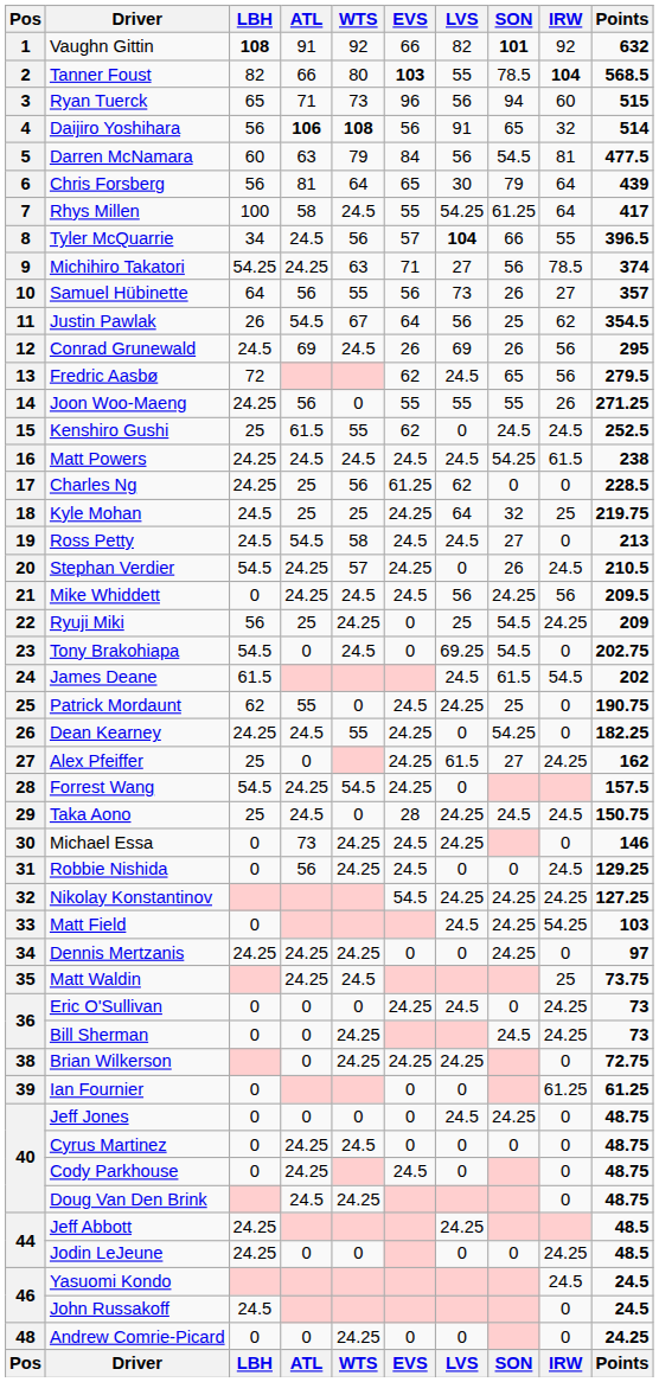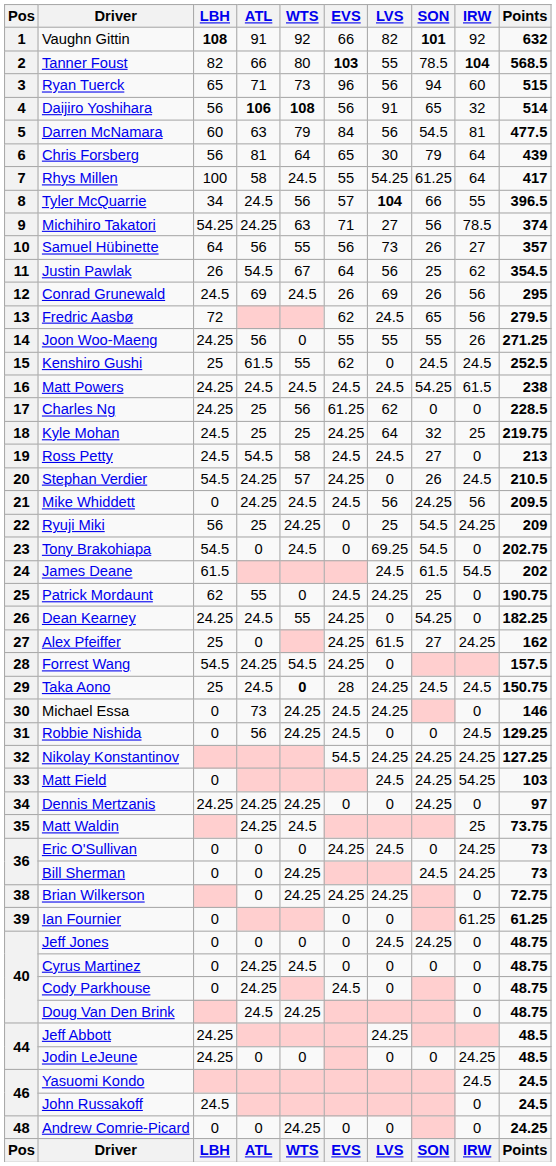 <table class="wikitable" style="font-size:85%; text-align:center">
 <tr style="background:#f9f9f9" valign="top">
 <th valign="middle">Pos</th>
 <th valign="middle">Driver</th>
 <th><a href='#'>LBH</a></th>
 <th><a href='#'>ATL</a></th>
 <th><a href='#'>WTS</a></th>
 <th><a href='#'>EVS</a></th>
 <th><a href='#'>LVS</a></th>
 <th><a href='#'>SON</a></th>
 <th><a href='#'>IRW</a></th>
 <th valign="middle">Points</th>
 </tr>
 <tr>
 <th>1</th>
 <td align="left"> Vaughn Gittin</td>
 <td><strong>108</strong></td>
 <td>91</td>
 <td>92</td>
 <td>66</td>
 <td>82</td>
 <td><strong>101</strong></td>
 <td>92</td>
 <td align="right"><strong>632</strong></td>
 </tr>
 <tr>
 <th>2</th>
 <td align="left"> <a href='#'>Tanner Foust</a></td>
 <td>82</td>
 <td>66</td>
 <td>80</td>
 <td><strong>103</strong></td>
 <td>55</td>
 <td>78.5</td>
 <td><strong>104</strong></td>
 <td align="right"><strong>568.5</strong></td>
 </tr>
 <tr>
 <th>3</th>
 <td align="left"> <a href='#'>Ryan Tuerck</a></td>
 <td>65</td>
 <td>71</td>
 <td>73</td>
 <td>96</td>
 <td>56</td>
 <td>94</td>
 <td>60</td>
 <td align="right"><strong>515</strong></td>
 </tr>
 <tr>
 <th>4</th>
 <td align="left"> <a href='#'>Daijiro Yoshihara</a></td>
 <td>56</td>
 <td><strong>106</strong></td>
 <td><strong>108</strong></td>
 <td>56</td>
 <td>91</td>
 <td>65</td>
 <td>32</td>
 <td align="right"><strong>514</strong></td>
 </tr>
 <tr>
 <th>5</th>
 <td align="left"> <a href='#'>Darren McNamara</a></td>
 <td>60</td>
 <td>63</td>
 <td>79</td>
 <td>84</td>
 <td>56</td>
 <td>54.5</td>
 <td>81</td>
 <td align="right"><strong>477.5</strong></td>
 </tr>
 <tr>
 <th>6</th>
 <td align="left"> <a href='#'>Chris Forsberg</a></td>
 <td>56</td>
 <td>81</td>
 <td>64</td>
 <td>65</td>
 <td>30</td>
 <td>79</td>
 <td>64</td>
 <td align="right"><strong>439</strong></td>
 </tr>
 <tr>
 <th>7</th>
 <td align="left"> <a href='#'>Rhys Millen</a></td>
 <td>100</td>
 <td>58</td>
 <td>24.5</td>
 <td>55</td>
 <td>54.25</td>
 <td>61.25</td>
 <td>64</td>
 <td align="right"><strong>417</strong></td>
 </tr>
 <tr>
 <th>8</th>
 <td align="left"> <a href='#'>Tyler McQuarrie</a></td>
 <td>34</td>
 <td>24.5</td>
 <td>56</td>
 <td>57</td>
 <td><strong>104</strong></td>
 <td>66</td>
 <td>55</td>
 <td align="right"><strong>396.5</strong></td>
 </tr>
 <tr>
 <th>9</th>
 <td align="left"> <a href='#'>Michihiro Takatori</a></td>
 <td>54.25</td>
 <td>24.25</td>
 <td>63</td>
 <td>71</td>
 <td>27</td>
 <td>56</td>
 <td>78.5</td>
 <td align="right"><strong>374</strong></td>
 </tr>
 <tr>
 <th>10</th>
 <td align="left"> <a href='#'>Samuel Hübinette</a></td>
 <td>64</td>
 <td>56</td>
 <td>55</td>
 <td>56</td>
 <td>73</td>
 <td>26</td>
 <td>27</td>
 <td align="right"><strong>357</strong></td>
 </tr>
 <tr>
 <th>11</th>
 <td align="left"> <a href='#'>Justin Pawlak</a></td>
 <td>26</td>
 <td>54.5</td>
 <td>67</td>
 <td>64</td>
 <td>56</td>
 <td>25</td>
 <td>62</td>
 <td align="right"><strong>354.5</strong></td>
 </tr>
 <tr>
 <th>12</th>
 <td align="left"> <a href='#'>Conrad Grunewald</a></td>
 <td>24.5</td>
 <td>69</td>
 <td>24.5</td>
 <td>26</td>
 <td>69</td>
 <td>26</td>
 <td>56</td>
 <td align="right"><strong>295</strong></td>
 </tr>
 <tr>
 <th>13</th>
 <td align="left"> <a href='#'>Fredric Aasbø</a></td>
 <td>72</td>
 <td style="background:#FFCFCF;"></td>
 <td style="background:#FFCFCF;"></td>
 <td>62</td>
 <td>24.5</td>
 <td>65</td>
 <td>56</td>
 <td align="right"><strong>279.5</strong></td>
 </tr>
 <tr>
 <th>14</th>
 <td align="left"> <a href='#'>Joon Woo-Maeng</a></td>
 <td>24.25</td>
 <td>56</td>
 <td>0</td>
 <td>55</td>
 <td>55</td>
 <td>55</td>
 <td>26</td>
 <td align="right"><strong>271.25</strong></td>
 </tr>
 <tr>
 <th>15</th>
 <td align="left"> <a href='#'>Kenshiro Gushi</a></td>
 <td>25</td>
 <td>61.5</td>
 <td>55</td>
 <td>62</td>
 <td>0</td>
 <td>24.5</td>
 <td>24.5</td>
 <td align="right"><strong>252.5</strong></td>
 </tr>
 <tr>
 <th>16</th>
 <td align="left"> <a href='#'>Matt Powers</a></td>
 <td>24.25</td>
 <td>24.5</td>
 <td>24.5</td>
 <td>24.5</td>
 <td>24.5</td>
 <td>54.25</td>
 <td>61.5</td>
 <td align="right"><strong>238</strong></td>
 </tr>
 <tr>
 <th>17</th>
 <td align="left"> <a href='#'>Charles Ng</a></td>
 <td>24.25</td>
 <td>25</td>
 <td>56</td>
 <td>61.25</td>
 <td>62</td>
 <td>0</td>
 <td>0</td>
 <td align="right"><strong>228.5</strong></td>
 </tr>
 <tr>
 <th>18</th>
 <td align="left"> <a href='#'>Kyle Mohan</a></td>
 <td>24.5</td>
 <td>25</td>
 <td>25</td>
 <td>24.25</td>
 <td>64</td>
 <td>32</td>
 <td>25</td>
 <td align="right"><strong>219.75</strong></td>
 </tr>
 <tr>
 <th>19</th>
 <td align="left"> <a href='#'>Ross Petty</a></td>
 <td>24.5</td>
 <td>54.5</td>
 <td>58</td>
 <td>24.5</td>
 <td>24.5</td>
 <td>27</td>
 <td>0</td>
 <td align="right"><strong>213</strong></td>
 </tr>
 <tr>
 <th>20</th>
 <td align="left"> <a href='#'>Stephan Verdier</a></td>
 <td>54.5</td>
 <td>24.25</td>
 <td>57</td>
 <td>24.25</td>
 <td>0</td>
 <td>26</td>
 <td>24.5</td>
 <td align="right"><strong>210.5</strong></td>
 </tr>
 <tr>
 <th>21</th>
 <td align="left"> <a href='#'>Mike Whiddett</a></td>
 <td>0</td>
 <td>24.25</td>
 <td>24.5</td>
 <td>24.5</td>
 <td>56</td>
 <td>24.25</td>
 <td>56</td>
 <td align="right"><strong>209.5</strong></td>
 </tr>
 <tr>
 <th>22</th>
 <td align="left"> <a href='#'>Ryuji Miki</a></td>
 <td>56</td>
 <td>25</td>
 <td>24.25</td>
 <td>0</td>
 <td>25</td>
 <td>54.5</td>
 <td>24.25</td>
 <td align="right"><strong>209</strong></td>
 </tr>
 <tr>
 <th>23</th>
 <td align="left"> <a href='#'>Tony Brakohiapa</a></td>
 <td>54.5</td>
 <td>0</td>
 <td>24.5</td>
 <td>0</td>
 <td>69.25</td>
 <td>54.5</td>
 <td>0</td>
 <td align="right"><strong>202.75</strong></td>
 </tr>
 <tr>
 <th>24</th>
 <td align="left"> <a href='#'>James Deane</a></td>
 <td>61.5</td>
 <td style="background:#FFCFCF;"></td>
 <td style="background:#FFCFCF;"></td>
 <td style="background:#FFCFCF;"></td>
 <td>24.5</td>
 <td>61.5</td>
 <td>54.5</td>
 <td align="right"><strong>202</strong></td>
 </tr>
 <tr>
 <th>25</th>
 <td align="left"> <a href='#'>Patrick Mordaunt</a></td>
 <td>62</td>
 <td>55</td>
 <td>0</td>
 <td>24.5</td>
 <td>24.25</td>
 <td>25</td>
 <td>0</td>
 <td align="right"><strong>190.75</strong></td>
 </tr>
 <tr>
 <th>26</th>
 <td align="left"> <a href='#'>Dean Kearney</a></td>
 <td>24.25</td>
 <td>24.5</td>
 <td>55</td>
 <td>24.25</td>
 <td>0</td>
 <td>54.25</td>
 <td>0</td>
 <td align="right"><strong>182.25</strong></td>
 </tr>
 <tr>
 <th>27</th>
 <td align="left"> <a href='#'>Alex Pfeiffer</a></td>
 <td>25</td>
 <td>0</td>
 <td style="background:#FFCFCF;"></td>
 <td>24.25</td>
 <td>61.5</td>
 <td>27</td>
 <td>24.25</td>
 <td align="right"><strong>162</strong></td>
 </tr>
 <tr>
 <th>28</th>
 <td align="left"> <a href='#'>Forrest Wang</a></td>
 <td>54.5</td>
 <td>24.25</td>
 <td>54.5</td>
 <td>24.25</td>
 <td>0</td>
 <td style="background:#FFCFCF;"></td>
 <td style="background:#FFCFCF;"></td>
 <td align="right"><strong>157.5</strong></td>
 </tr>
 <tr>
 <th>29</th>
 <td align="left"> <a href='#'>Taka Aono</a></td>
 <td>25</td>
 <td>24.5</td>
-<td>0</td>
+<td><strong>0</strong></td>
 <td>28</td>
 <td>24.25</td>
 <td>24.5</td>
 <td>24.5</td>
 <td align="right"><strong>150.75</strong></td>
 </tr>
 <tr>
 <th>30</th>
 <td align="left"> Michael Essa</td>
 <td>0</td>
 <td>73</td>
 <td>24.25</td>
 <td>24.5</td>
 <td>24.25</td>
 <td style="background:#FFCFCF;"></td>
 <td>0</td>
 <td align="right"><strong>146</strong></td>
 </tr>
 <tr>
 <th>31</th>
 <td align="left"> <a href='#'>Robbie Nishida</a></td>
 <td>0</td>
 <td>56</td>
 <td>24.25</td>
 <td>24.5</td>
 <td>0</td>
 <td>0</td>
 <td>24.5</td>
 <td align="right"><strong>129.25</strong></td>
 </tr>
 <tr>
 <th>32</th>
 <td align="left"> <a href='#'>Nikolay Konstantinov</a></td>
 <td style="background:#FFCFCF;"></td>
 <td style="background:#FFCFCF;"></td>
 <td style="background:#FFCFCF;"></td>
 <td>54.5</td>
 <td>24.25</td>
 <td>24.25</td>
 <td>24.25</td>
 <td align="right"><strong>127.25</strong></td>
 </tr>
 <tr>
 <th>33</th>
 <td align="left"> <a href='#'>Matt Field</a></td>
 <td>0</td>
 <td style="background:#FFCFCF;"></td>
 <td style="background:#FFCFCF;"></td>
 <td style="background:#FFCFCF;"></td>
 <td>24.5</td>
 <td>24.25</td>
 <td>54.25</td>
 <td align="right"><strong>103</strong></td>
 </tr>
 <tr>
 <th>34</th>
 <td align="left"> <a href='#'>Dennis Mertzanis</a></td>
 <td>24.25</td>
 <td>24.25</td>
 <td>24.25</td>
 <td>0</td>
 <td>0</td>
 <td>24.25</td>
 <td>0</td>
 <td align="right"><strong>97</strong></td>
 </tr>
 <tr>
 <th>35</th>
 <td align="left"> <a href='#'>Matt Waldin</a></td>
 <td style="background:#FFCFCF;"></td>
 <td>24.25</td>
 <td>24.5</td>
 <td style="background:#FFCFCF;"></td>
 <td style="background:#FFCFCF;"></td>
 <td style="background:#FFCFCF;"></td>
 <td>25</td>
 <td align="right"><strong>73.75</strong></td>
 </tr>
 <tr>
 <th rowspan=2>36</th>
 <td align="left"> <a href='#'>Eric O'Sullivan</a></td>
 <td>0</td>
 <td>0</td>
 <td>0</td>
 <td>24.25</td>
 <td>24.5</td>
 <td>0</td>
 <td>24.25</td>
 <td align="right"><strong>73</strong></td>
 </tr>
 <tr>
 <td align="left"> <a href='#'>Bill Sherman</a></td>
 <td>0</td>
 <td>0</td>
 <td>24.25</td>
 <td style="background:#FFCFCF;"></td>
 <td style="background:#FFCFCF;"></td>
 <td>24.5</td>
 <td>24.25</td>
 <td align="right"><strong>73</strong></td>
 </tr>
 <tr>
 <th>38</th>
 <td align="left"> <a href='#'>Brian Wilkerson</a></td>
 <td style="background:#FFCFCF;"></td>
 <td>0</td>
 <td>24.25</td>
 <td>24.25</td>
 <td>24.25</td>
 <td style="background:#FFCFCF;"></td>
 <td>0</td>
 <td align="right"><strong>72.75</strong></td>
 </tr>
 <tr>
 <th>39</th>
 <td align="left"> <a href='#'>Ian Fournier</a></td>
 <td>0</td>
 <td style="background:#FFCFCF;"></td>
 <td style="background:#FFCFCF;"></td>
 <td>0</td>
 <td>0</td>
 <td style="background:#FFCFCF;"></td>
 <td>61.25</td>
 <td align="right"><strong>61.25</strong></td>
 </tr>
 <tr>
 <th rowspan=4>40</th>
 <td align="left"> <a href='#'>Jeff Jones</a></td>
 <td>0</td>
 <td>0</td>
 <td>0</td>
 <td>0</td>
 <td>24.5</td>
 <td>24.25</td>
 <td>0</td>
 <td align="right"><strong>48.75</strong></td>
 </tr>
 <tr>
 <td align="left"> <a href='#'>Cyrus Martinez</a></td>
 <td>0</td>
 <td>24.25</td>
 <td>24.5</td>
 <td>0</td>
 <td>0</td>
 <td>0</td>
 <td>0</td>
 <td align="right"><strong>48.75</strong></td>
 </tr>
 <tr>
 <td align="left"> <a href='#'>Cody Parkhouse</a></td>
 <td>0</td>
 <td>24.25</td>
 <td style="background:#FFCFCF;"></td>
 <td>24.5</td>
 <td>0</td>
 <td style="background:#FFCFCF;"></td>
 <td>0</td>
 <td align="right"><strong>48.75</strong></td>
 </tr>
 <tr>
 <td align="left"> <a href='#'>Doug Van Den Brink</a></td>
 <td style="background:#FFCFCF;"></td>
 <td>24.5</td>
 <td>24.25</td>
 <td style="background:#FFCFCF;"></td>
 <td style="background:#FFCFCF;"></td>
 <td style="background:#FFCFCF;"></td>
 <td>0</td>
 <td align="right"><strong>48.75</strong></td>
 </tr>
 <tr>
 <th rowspan=2>44</th>
 <td align="left"> <a href='#'>Jeff Abbott</a></td>
 <td>24.25</td>
 <td style="background:#FFCFCF;"></td>
 <td style="background:#FFCFCF;"></td>
 <td style="background:#FFCFCF;"></td>
 <td>24.25</td>
 <td style="background:#FFCFCF;"></td>
 <td style="background:#FFCFCF;"></td>
 <td align="right"><strong>48.5</strong></td>
 </tr>
 <tr>
 <td align="left"> <a href='#'>Jodin LeJeune</a></td>
 <td>24.25</td>
 <td>0</td>
 <td>0</td>
 <td style="background:#FFCFCF;"></td>
 <td>0</td>
 <td>0</td>
 <td>24.25</td>
 <td align="right"><strong>48.5</strong></td>
 </tr>
 <tr>
 <th rowspan=2>46</th>
 <td align="left"> <a href='#'>Yasuomi Kondo</a></td>
 <td style="background:#FFCFCF;"></td>
 <td style="background:#FFCFCF;"></td>
 <td style="background:#FFCFCF;"></td>
 <td style="background:#FFCFCF;"></td>
 <td style="background:#FFCFCF;"></td>
 <td style="background:#FFCFCF;"></td>
 <td>24.5</td>
 <td align="right"><strong>24.5</strong></td>
 </tr>
 <tr>
 <td align="left"> <a href='#'>John Russakoff</a></td>
 <td>24.5</td>
 <td style="background:#FFCFCF;"></td>
 <td style="background:#FFCFCF;"></td>
 <td style="background:#FFCFCF;"></td>
 <td style="background:#FFCFCF;"></td>
 <td style="background:#FFCFCF;"></td>
 <td>0</td>
 <td align="right"><strong>24.5</strong></td>
 </tr>
 <tr>
 <th>48</th>
 <td align="left"> <a href='#'>Andrew Comrie-Picard</a></td>
 <td>0</td>
 <td>0</td>
 <td>24.25</td>
 <td>0</td>
 <td>0</td>
 <td style="background:#FFCFCF;"></td>
 <td>0</td>
 <td align="right"><strong>24.25</strong></td>
 </tr>
 <tr style="background:#f9f9f9" valign="top">
 <th valign="middle">Pos</th>
 <th valign="middle">Driver</th>
 <th><a href='#'>LBH</a></th>
 <th><a href='#'>ATL</a></th>
 <th><a href='#'>WTS</a></th>
 <th><a href='#'>EVS</a></th>
 <th><a href='#'>LVS</a></th>
 <th><a href='#'>SON</a></th>
 <th><a href='#'>IRW</a></th>
 <th valign="middle">Points</th>
 </tr>
 </table>
